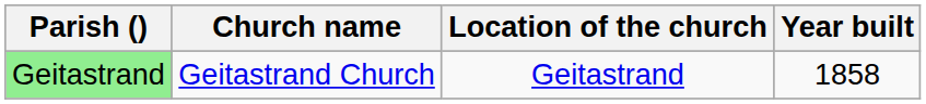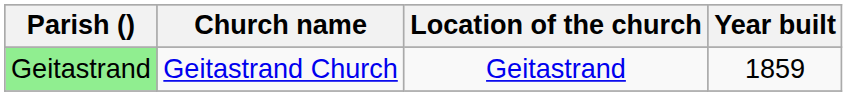 <table class="wikitable" style="text-align:center">
 <tr>
 <th>Parish ()</th>
 <th>Church name</th>
 <th>Location of the church</th>
 <th>Year built</th>
 </tr>
 <tr>
 <td rowspan="1" style="background: lightgreen;">Geitastrand</td>
 <td><a href='#'>Geitastrand Church</a></td>
 <td><a href='#'>Geitastrand</a></td>
-<td>1858</td>
+<td>1859</td>
 </tr>
 </table>
